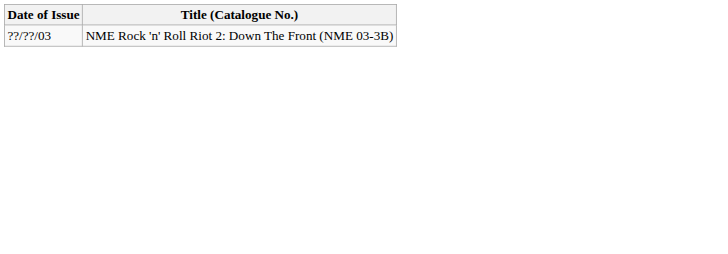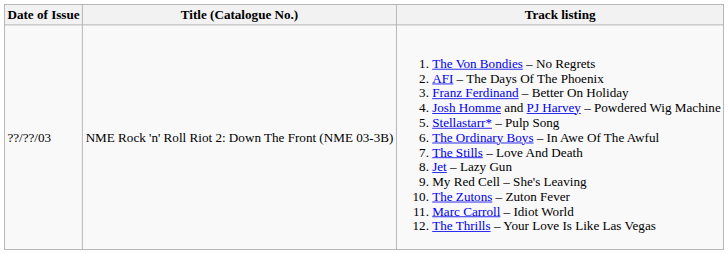 <table class="wikitable">
 <tr>
 <th>Date of Issue</th>
 <th>Title (Catalogue No.)</th>
+<th>Track listing</th>
 </tr>
 <tr>
 <td>??/??/03</td>
 <td>NME Rock 'n' Roll Riot 2: Down The Front (NME 03-3B)</td>
+<td><br><ol><li><a href='#'>The Von Bondies</a> – No Regrets</li><li><a href='#'>AFI</a> – The Days Of The Phoenix</li><li><a href='#'>Franz Ferdinand</a> – Better On Holiday</li><li><a href='#'>Josh Homme</a> and <a href='#'>PJ Harvey</a> – Powdered Wig Machine</li><li><a href='#'>Stellastarr*</a> – Pulp Song</li><li><a href='#'>The Ordinary Boys</a> – In Awe Of The Awful</li><li><a href='#'>The Stills</a> – Love And Death</li><li><a href='#'>Jet</a> – Lazy Gun</li><li>My Red Cell – She's Leaving</li><li><a href='#'>The Zutons</a> – Zuton Fever</li><li><a href='#'>Marc Carroll</a> – Idiot World</li><li><a href='#'>The Thrills</a> – Your Love Is Like Las Vegas</li></ol></td>
 </tr>
 </table>
